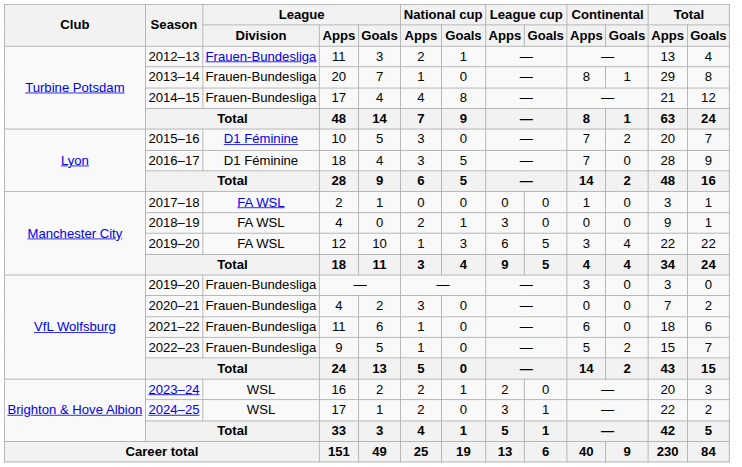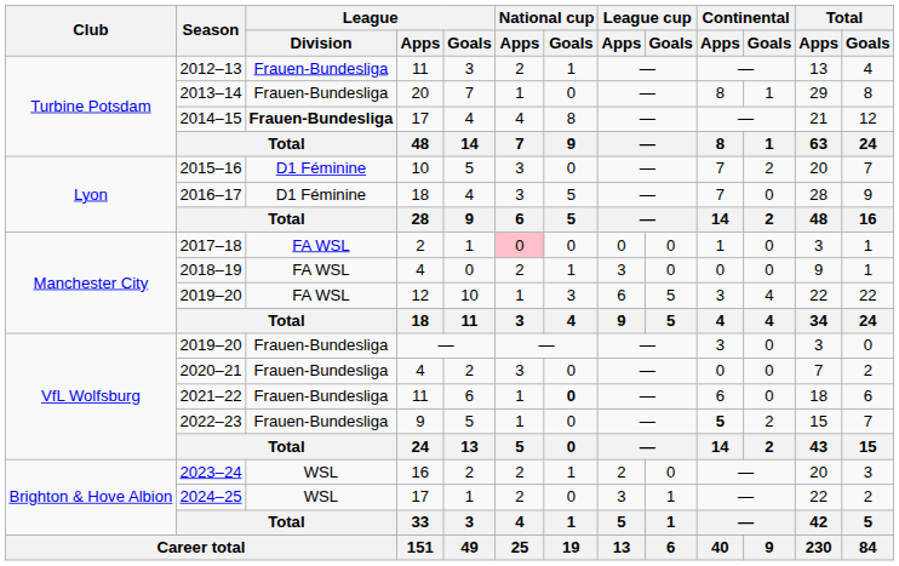 <table class="wikitable" style="text-align:center">
 <tr>
 <th rowspan="2">Club</th>
 <th rowspan="2">Season</th>
 <th colspan="3">League</th>
 <th colspan="2">National cup</th>
 <th colspan="2">League cup</th>
 <th colspan="2">Continental</th>
 <th colspan="2">Total</th>
 </tr>
 <tr>
 <th>Division</th>
 <th>Apps</th>
 <th>Goals</th>
 <th>Apps</th>
 <th>Goals</th>
 <th>Apps</th>
 <th>Goals</th>
 <th>Apps</th>
 <th>Goals</th>
 <th>Apps</th>
 <th>Goals</th>
 </tr>
 <tr>
 <td rowspan="4"><a href='#'>Turbine Potsdam</a></td>
 <td>2012–13</td>
 <td><a href='#'>Frauen-Bundesliga</a></td>
 <td>11</td>
 <td>3</td>
 <td>2</td>
 <td>1</td>
 <td colspan="2">—</td>
 <td colspan="2">—</td>
 <td>13</td>
 <td>4</td>
 </tr>
 <tr>
 <td>2013–14</td>
 <td>Frauen-Bundesliga</td>
 <td>20</td>
 <td>7</td>
 <td>1</td>
 <td>0</td>
 <td colspan="2">—</td>
 <td>8</td>
 <td>1</td>
 <td>29</td>
 <td>8</td>
 </tr>
 <tr>
 <td>2014–15</td>
-<td>Frauen-Bundesliga</td>
+<td><strong>Frauen-Bundesliga</strong></td>
 <td>17</td>
 <td>4</td>
 <td>4</td>
 <td>8</td>
 <td colspan="2">—</td>
 <td colspan="2">—</td>
 <td>21</td>
 <td>12</td>
 </tr>
 <tr>
 <th colspan="2">Total</th>
 <th>48</th>
 <th>14</th>
 <th>7</th>
 <th>9</th>
 <th colspan="2">—</th>
 <th>8</th>
 <th>1</th>
 <th>63</th>
 <th>24</th>
 </tr>
 <tr>
 <td rowspan="3"><a href='#'>Lyon</a></td>
 <td>2015–16</td>
 <td><a href='#'>D1 Féminine</a></td>
 <td>10</td>
 <td>5</td>
 <td>3</td>
 <td>0</td>
 <td colspan="2">—</td>
 <td>7</td>
 <td>2</td>
 <td>20</td>
 <td>7</td>
 </tr>
 <tr>
 <td>2016–17</td>
 <td>D1 Féminine</td>
 <td>18</td>
 <td>4</td>
 <td>3</td>
 <td>5</td>
 <td colspan="2">—</td>
 <td>7</td>
 <td>0</td>
 <td>28</td>
 <td>9</td>
 </tr>
 <tr>
 <th colspan="2">Total</th>
 <th>28</th>
 <th>9</th>
 <th>6</th>
 <th>5</th>
 <th colspan="2">—</th>
 <th>14</th>
 <th>2</th>
 <th>48</th>
 <th>16</th>
 </tr>
 <tr>
 <td rowspan="4"><a href='#'>Manchester City</a></td>
 <td>2017–18</td>
 <td><a href='#'>FA WSL</a></td>
 <td>2</td>
 <td>1</td>
-<td>0</td>
+<td style="background: pink;">0</td>
 <td>0</td>
 <td>0</td>
 <td>0</td>
 <td>1</td>
 <td>0</td>
 <td>3</td>
 <td>1</td>
 </tr>
 <tr>
 <td>2018–19</td>
 <td>FA WSL</td>
 <td>4</td>
 <td>0</td>
 <td>2</td>
 <td>1</td>
 <td>3</td>
 <td>0</td>
 <td>0</td>
 <td>0</td>
 <td>9</td>
 <td>1</td>
 </tr>
 <tr>
 <td>2019–20</td>
 <td>FA WSL</td>
 <td>12</td>
 <td>10</td>
 <td>1</td>
 <td>3</td>
 <td>6</td>
 <td>5</td>
 <td>3</td>
 <td>4</td>
 <td>22</td>
 <td>22</td>
 </tr>
 <tr>
 <th colspan="2">Total</th>
 <th>18</th>
 <th>11</th>
 <th>3</th>
 <th>4</th>
 <th>9</th>
 <th>5</th>
 <th>4</th>
 <th>4</th>
 <th>34</th>
 <th>24</th>
 </tr>
 <tr>
 <td rowspan="5"><a href='#'>VfL Wolfsburg</a></td>
 <td>2019–20</td>
 <td>Frauen-Bundesliga</td>
 <td colspan="2">—</td>
 <td colspan="2">—</td>
 <td colspan="2">—</td>
 <td>3</td>
 <td>0</td>
 <td>3</td>
 <td>0</td>
 </tr>
 <tr>
 <td>2020–21</td>
 <td>Frauen-Bundesliga</td>
 <td>4</td>
 <td>2</td>
 <td>3</td>
 <td>0</td>
 <td colspan="2">—</td>
 <td>0</td>
 <td>0</td>
 <td>7</td>
 <td>2</td>
 </tr>
 <tr>
 <td>2021–22</td>
 <td>Frauen-Bundesliga</td>
 <td>11</td>
 <td>6</td>
 <td>1</td>
-<td>0</td>
+<td><strong>0</strong></td>
 <td colspan="2">—</td>
 <td>6</td>
 <td>0</td>
 <td>18</td>
 <td>6</td>
 </tr>
 <tr>
 <td>2022–23</td>
 <td>Frauen-Bundesliga</td>
 <td>9</td>
 <td>5</td>
 <td>1</td>
 <td>0</td>
 <td colspan="2">—</td>
-<td>5</td>
+<td><strong>5</strong></td>
 <td>2</td>
 <td>15</td>
 <td>7</td>
 </tr>
 <tr>
 <th colspan="2">Total</th>
 <th>24</th>
 <th>13</th>
 <th>5</th>
 <th>0</th>
 <th colspan="2">—</th>
 <th>14</th>
 <th>2</th>
 <th>43</th>
 <th>15</th>
 </tr>
 <tr>
 <td rowspan=3><a href='#'>Brighton & Hove Albion</a></td>
 <td><a href='#'>2023–24</a></td>
 <td>WSL</td>
 <td>16</td>
 <td>2</td>
 <td>2</td>
 <td>1</td>
 <td>2</td>
 <td>0</td>
 <td colspan="2">—</td>
 <td>20</td>
 <td>3</td>
 </tr>
 <tr>
 <td><a href='#'>2024–25</a></td>
 <td>WSL</td>
 <td>17</td>
 <td>1</td>
 <td>2</td>
 <td>0</td>
 <td>3</td>
 <td>1</td>
 <td colspan="2">—</td>
 <td>22</td>
 <td>2</td>
 </tr>
 <tr>
 <th colspan="2">Total</th>
 <th>33</th>
 <th>3</th>
 <th>4</th>
 <th>1</th>
 <th>5</th>
 <th>1</th>
 <th colspan="2">—</th>
 <th>42</th>
 <th>5</th>
 </tr>
 <tr>
 <th colspan="3">Career total</th>
 <th>151</th>
 <th>49</th>
 <th>25</th>
 <th>19</th>
 <th>13</th>
 <th>6</th>
 <th>40</th>
 <th>9</th>
 <th>230</th>
 <th>84</th>
 </tr>
 </table>
